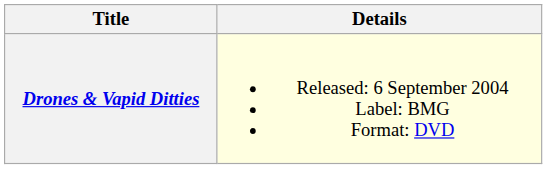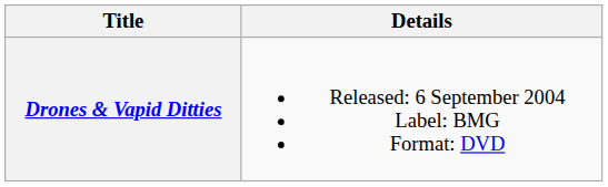 <table class="wikitable plainrowheaders" style="text-align:center;" border="1">
 <tr>
 <th scope="col" style="width:11em;">Title</th>
 <th scope="col" style="width:17em;">Details</th>
 </tr>
 <tr>
 <th scope="row"><em><a href='#'>Drones & Vapid Ditties</a></em></th>
-<td style="background: lightyellow;"><br><ul><li>Released: 6 September 2004</li><li>Label: BMG </li><li>Format: <a href='#'>DVD</a></li></ul></td>
+<td><br><ul><li>Released: 6 September 2004</li><li>Label: BMG </li><li>Format: <a href='#'>DVD</a></li></ul></td>
 </tr>
 </table>
